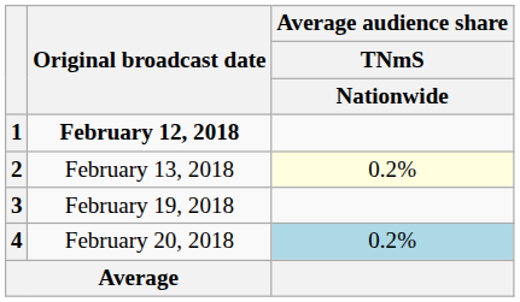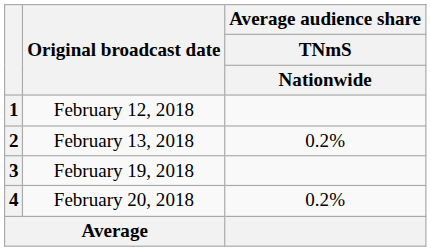 <table class="wikitable" style="text-align:center">
 <tr>
 <th rowspan="3"></th>
 <th rowspan="3">Original broadcast date</th>
 <th colspan="3">Average audience share</th>
 </tr>
 <tr>
 <th>TNmS</th>
 </tr>
 <tr>
 <th>Nationwide</th>
 </tr>
 <tr>
 <th>1</th>
-<td><strong>February 12, 2018</strong></td>
+<td>February 12, 2018</td>
 <td></td>
 </tr>
 <tr>
 <th>2</th>
 <td>February 13, 2018</td>
-<td style="background: lightyellow;">0.2%</td>
+<td>0.2%</td>
 </tr>
 <tr>
 <th>3</th>
 <td>February 19, 2018</td>
 <td></td>
 </tr>
 <tr>
 <th>4</th>
 <td>February 20, 2018</td>
-<td style="background: lightblue;">0.2%</td>
+<td>0.2%</td>
 </tr>
 <tr>
 <th colspan=2>Average</th>
 <th></th>
 </tr>
 </table>
